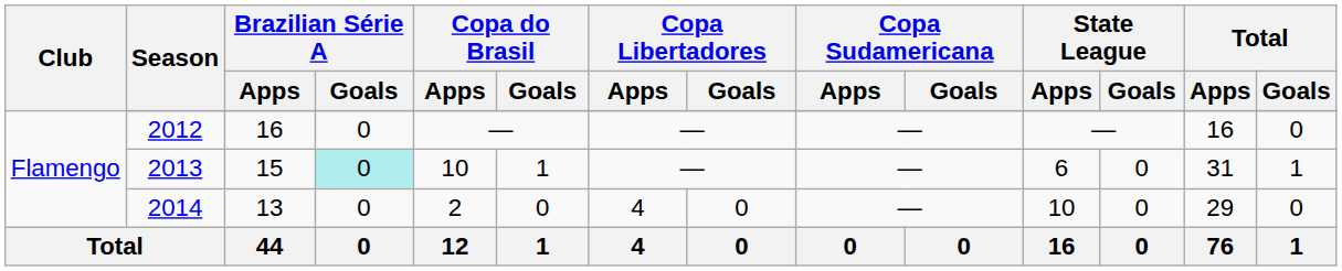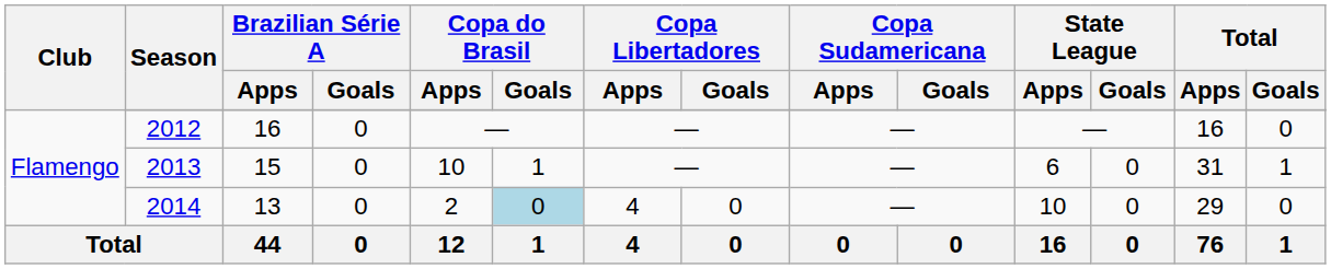 <table class="wikitable" style="text-align: center;">
 <tr>
 <th rowspan="2">Club</th>
 <th rowspan="2">Season</th>
 <th colspan="2"><a href='#'>Brazilian Série A</a></th>
 <th colspan="2"><a href='#'>Copa do Brasil</a></th>
 <th colspan="2"><a href='#'>Copa Libertadores</a></th>
 <th colspan="2"><a href='#'>Copa Sudamericana</a></th>
 <th colspan="2">State League</th>
 <th colspan="2">Total</th>
 </tr>
 <tr>
 <th>Apps</th>
 <th>Goals</th>
 <th>Apps</th>
 <th>Goals</th>
 <th>Apps</th>
 <th>Goals</th>
 <th>Apps</th>
 <th>Goals</th>
 <th>Apps</th>
 <th>Goals</th>
 <th>Apps</th>
 <th>Goals</th>
 </tr>
 <tr>
 <td rowspan="4"><a href='#'>Flamengo</a></td>
 </tr>
 <tr>
 <td><a href='#'>2012</a></td>
 <td>16</td>
 <td>0</td>
 <td colspan="2">—</td>
 <td colspan="2">—</td>
 <td colspan="2">—</td>
 <td colspan="2">—</td>
 <td>16</td>
 <td>0</td>
 </tr>
 <tr>
 <td><a href='#'>2013</a></td>
 <td>15</td>
-<td style="background: paleturquoise;">0</td>
+<td>0</td>
 <td>10</td>
 <td>1</td>
 <td colspan="2">—</td>
 <td colspan="2">—</td>
 <td>6</td>
 <td>0</td>
 <td>31</td>
 <td>1</td>
 </tr>
 <tr>
 <td><a href='#'>2014</a></td>
 <td>13</td>
 <td>0</td>
 <td>2</td>
-<td>0</td>
+<td style="background: lightblue;">0</td>
 <td>4</td>
 <td>0</td>
 <td colspan="2">—</td>
 <td>10</td>
 <td>0</td>
 <td>29</td>
 <td>0</td>
 </tr>
 <tr>
 <th colspan="2">Total</th>
 <th>44</th>
 <th>0</th>
 <th>12</th>
 <th>1</th>
 <th>4</th>
 <th>0</th>
 <th>0</th>
 <th>0</th>
 <th>16</th>
 <th>0</th>
 <th>76</th>
 <th>1</th>
 </tr>
 </table>
